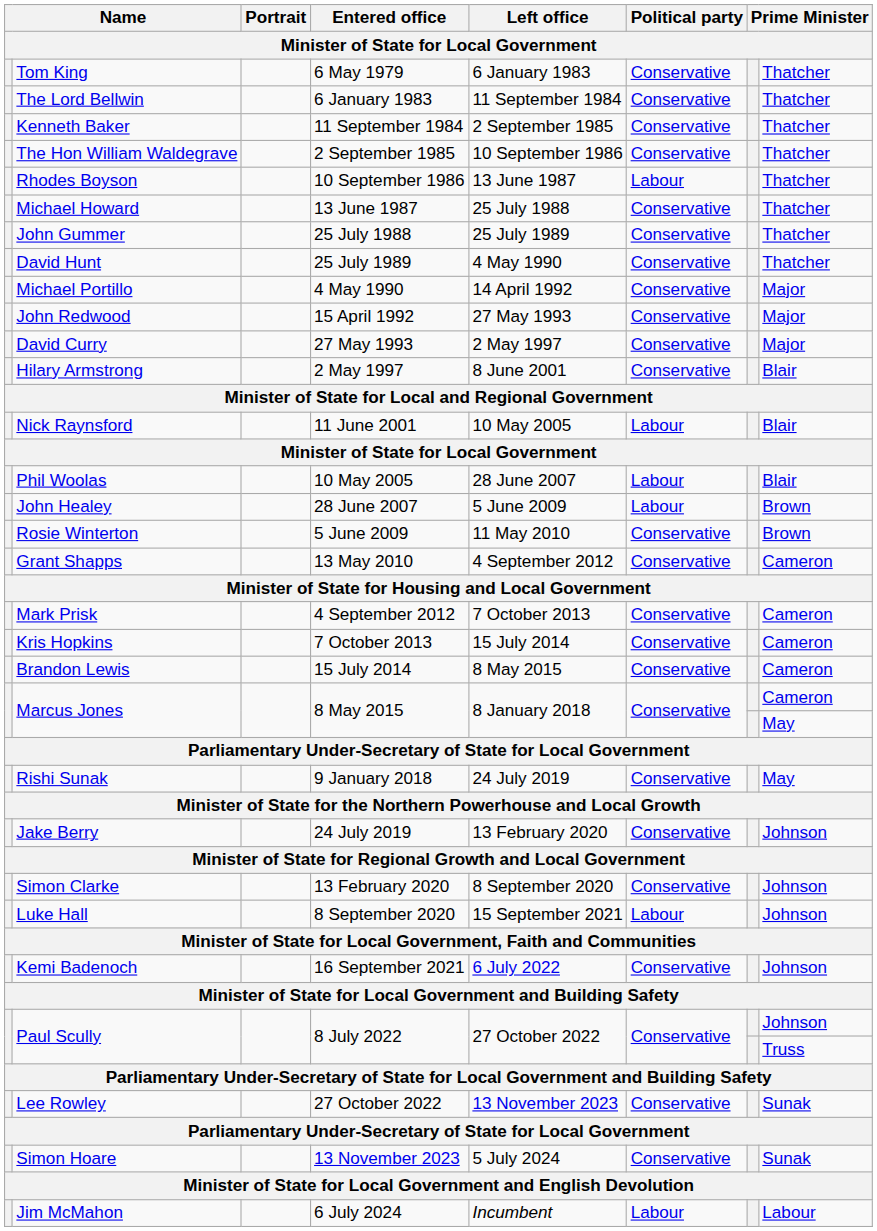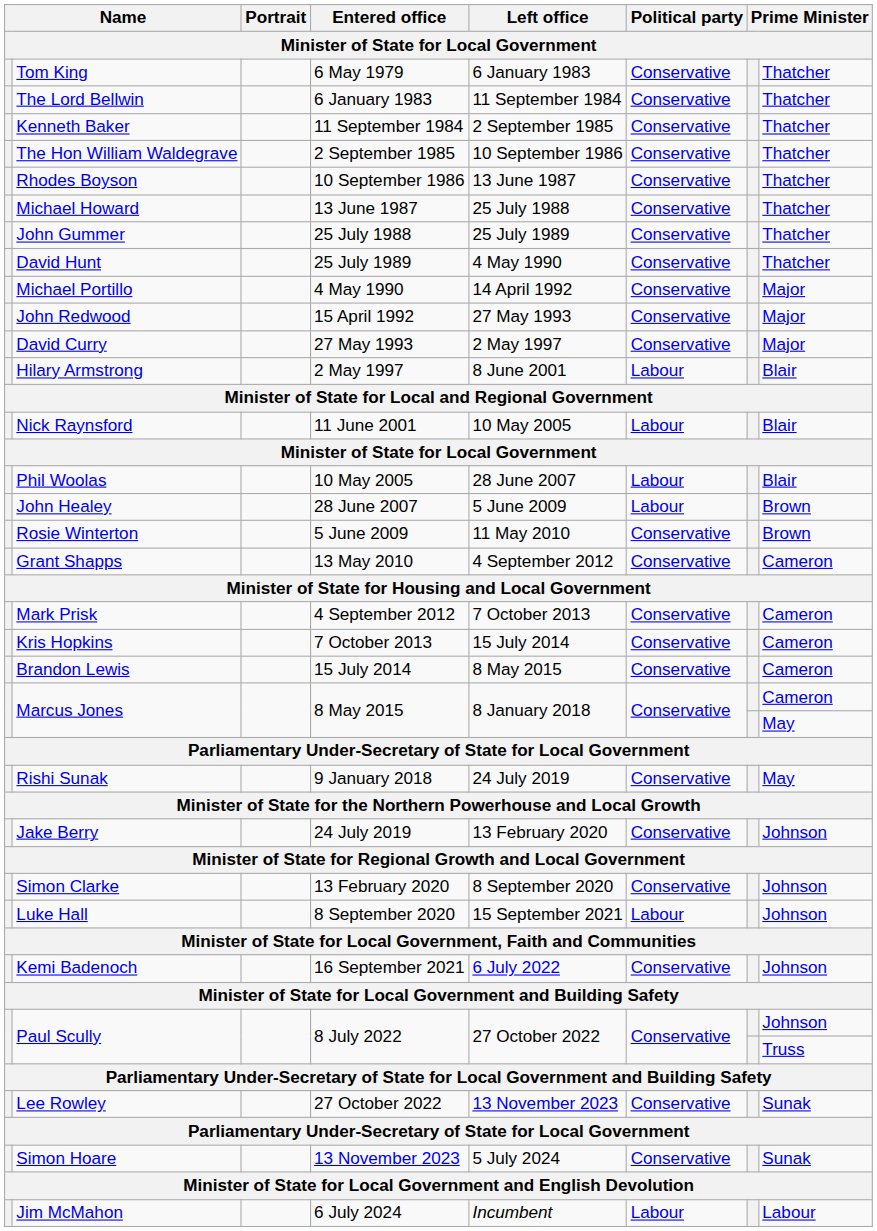 <table class="wikitable">
 <tr>
 <th colspan="2">Name</th>
 <th>Portrait</th>
 <th>Entered office</th>
 <th>Left office</th>
 <th>Political party</th>
 <th colspan="2">Prime Minister</th>
 </tr>
 <tr>
 <th colspan="8">Minister of State for Local Government</th>
 </tr>
 <tr>
 <th style="background-color: "></th>
 <td><a href='#'>Tom King</a></td>
 <td></td>
 <td>6 May 1979</td>
 <td>6 January 1983</td>
 <td><a href='#'>Conservative</a></td>
 <th style="background-color: "></th>
 <td><a href='#'>Thatcher</a></td>
 </tr>
 <tr>
 <th style="background-color: "></th>
 <td><a href='#'>The Lord Bellwin</a></td>
 <td></td>
 <td>6 January 1983</td>
 <td>11 September 1984</td>
 <td><a href='#'>Conservative</a></td>
 <th style="background-color: "></th>
 <td><a href='#'>Thatcher</a></td>
 </tr>
 <tr>
 <th style="background-color: "></th>
 <td><a href='#'>Kenneth Baker</a></td>
 <td></td>
 <td>11 September 1984</td>
 <td>2 September 1985</td>
 <td><a href='#'>Conservative</a></td>
 <th style="background-color: "></th>
 <td><a href='#'>Thatcher</a></td>
 </tr>
 <tr>
 <th style="background-color: "></th>
 <td><a href='#'>The Hon William Waldegrave</a></td>
 <td></td>
 <td>2 September 1985</td>
 <td>10 September 1986</td>
 <td><a href='#'>Conservative</a></td>
 <th style="background-color: "></th>
 <td><a href='#'>Thatcher</a></td>
 </tr>
 <tr>
 <th style="background-color: "></th>
 <td><a href='#'>Rhodes Boyson</a></td>
 <td></td>
 <td>10 September 1986</td>
 <td>13 June 1987</td>
-<td><a href='#'>Labour</a></td>
+<td><a href='#'>Conservative</a></td>
 <th style="background-color: "></th>
 <td><a href='#'>Thatcher</a></td>
 </tr>
 <tr>
 <th style="background-color: "></th>
 <td><a href='#'>Michael Howard</a></td>
 <td></td>
 <td>13 June 1987</td>
 <td>25 July 1988</td>
 <td><a href='#'>Conservative</a></td>
 <th style="background-color: "></th>
 <td><a href='#'>Thatcher</a></td>
 </tr>
 <tr>
 <th style="background-color: "></th>
 <td><a href='#'>John Gummer</a></td>
 <td></td>
 <td>25 July 1988</td>
 <td>25 July 1989</td>
 <td><a href='#'>Conservative</a></td>
 <th style="background-color: "></th>
 <td><a href='#'>Thatcher</a></td>
 </tr>
 <tr>
 <th style="background-color: "></th>
 <td><a href='#'>David Hunt</a></td>
 <td></td>
 <td>25 July 1989</td>
 <td>4 May 1990</td>
 <td><a href='#'>Conservative</a></td>
 <th style="background-color: "></th>
 <td><a href='#'>Thatcher</a></td>
 </tr>
 <tr>
 <th style="background-color: "></th>
 <td><a href='#'>Michael Portillo</a></td>
 <td></td>
 <td>4 May 1990</td>
 <td>14 April 1992</td>
 <td><a href='#'>Conservative</a></td>
 <th style="background-color: "></th>
 <td><a href='#'>Major</a></td>
 </tr>
 <tr>
 <th style="background-color: "></th>
 <td><a href='#'>John Redwood</a></td>
 <td></td>
 <td>15 April 1992</td>
 <td>27 May 1993</td>
 <td><a href='#'>Conservative</a></td>
 <th style="background-color: "></th>
 <td><a href='#'>Major</a></td>
 </tr>
 <tr>
 <th style="background-color: "></th>
 <td><a href='#'>David Curry</a></td>
 <td></td>
 <td>27 May 1993</td>
 <td>2 May 1997</td>
 <td><a href='#'>Conservative</a></td>
 <th style="background-color: "></th>
 <td><a href='#'>Major</a></td>
 </tr>
 <tr>
 <th style="background-color: "></th>
 <td><a href='#'>Hilary Armstrong</a></td>
 <td></td>
 <td>2 May 1997</td>
 <td>8 June 2001</td>
-<td><a href='#'>Conservative</a></td>
+<td><a href='#'>Labour</a></td>
 <th style="background-color: "></th>
 <td><a href='#'>Blair</a></td>
 </tr>
 <tr>
 <th colspan="8">Minister of State for Local and Regional Government</th>
 </tr>
 <tr>
 <th style="background-color: "></th>
 <td><a href='#'>Nick Raynsford</a></td>
 <td></td>
 <td>11 June 2001</td>
 <td>10 May 2005</td>
 <td><a href='#'>Labour</a></td>
 <th style="background-color: "></th>
 <td><a href='#'>Blair</a></td>
 </tr>
 <tr>
 <th colspan="8">Minister of State for Local Government</th>
 </tr>
 <tr>
 <th style="background-color: "></th>
 <td><a href='#'>Phil Woolas</a></td>
 <td></td>
 <td>10 May 2005</td>
 <td>28 June 2007</td>
 <td><a href='#'>Labour</a></td>
 <th style="background-color: "></th>
 <td><a href='#'>Blair</a></td>
 </tr>
 <tr>
 <th style="background-color: "></th>
 <td><a href='#'>John Healey</a></td>
 <td></td>
 <td>28 June 2007</td>
 <td>5 June 2009</td>
 <td><a href='#'>Labour</a></td>
 <th style="background-color: "></th>
 <td><a href='#'>Brown</a></td>
 </tr>
 <tr>
 <th style="background-color: "></th>
 <td><a href='#'>Rosie Winterton</a></td>
 <td></td>
 <td>5 June 2009</td>
 <td>11 May 2010</td>
 <td><a href='#'>Conservative</a></td>
 <th style="background-color: "></th>
 <td><a href='#'>Brown</a></td>
 </tr>
 <tr>
 <th style="background-color: "></th>
 <td><a href='#'>Grant Shapps</a></td>
 <td></td>
 <td>13 May 2010</td>
 <td>4 September 2012</td>
 <td><a href='#'>Conservative</a></td>
 <th style="background-color: "></th>
 <td><a href='#'>Cameron</a></td>
 </tr>
 <tr>
 <th colspan="8">Minister of State for Housing and Local Government</th>
 </tr>
 <tr>
 <th style="background-color: "></th>
 <td><a href='#'>Mark Prisk</a></td>
 <td></td>
 <td>4 September 2012</td>
 <td>7 October 2013</td>
 <td><a href='#'>Conservative</a></td>
 <th style="background-color: "></th>
 <td><a href='#'>Cameron</a></td>
 </tr>
 <tr>
 <th style="background-color: "></th>
 <td><a href='#'>Kris Hopkins</a></td>
 <td></td>
 <td>7 October 2013</td>
 <td>15 July 2014</td>
 <td><a href='#'>Conservative</a></td>
 <th style="background-color: "></th>
 <td><a href='#'>Cameron</a></td>
 </tr>
 <tr>
 <th style="background-color: "></th>
 <td><a href='#'>Brandon Lewis</a></td>
 <td></td>
 <td>15 July 2014</td>
 <td>8 May 2015</td>
 <td><a href='#'>Conservative</a></td>
 <th style="background-color: "></th>
 <td><a href='#'>Cameron</a></td>
 </tr>
 <tr>
 <th rowspan=2 style="background-color: "></th>
 <td rowspan=2><a href='#'>Marcus Jones</a></td>
 <td rowspan=2></td>
 <td rowspan=2>8 May 2015</td>
 <td rowspan=2>8 January 2018</td>
 <td rowspan=2><a href='#'>Conservative</a></td>
 <th style="background-color: "></th>
 <td><a href='#'>Cameron</a></td>
 </tr>
 <tr>
 <th style="background-color: "></th>
 <td><a href='#'>May</a></td>
 </tr>
 <tr>
 <th colspan="8">Parliamentary Under-Secretary of State for Local Government</th>
 </tr>
 <tr>
 <th style="background-color: "></th>
 <td><a href='#'>Rishi Sunak</a></td>
 <td></td>
 <td>9 January 2018</td>
 <td>24 July 2019</td>
 <td><a href='#'>Conservative</a></td>
 <th style="background-color: "></th>
 <td><a href='#'>May</a></td>
 </tr>
 <tr>
 <th colspan="8">Minister of State for the Northern Powerhouse and Local Growth</th>
 </tr>
 <tr>
 <th style="background-color: "></th>
 <td><a href='#'>Jake Berry</a></td>
 <td></td>
 <td>24 July 2019</td>
 <td>13 February 2020</td>
 <td><a href='#'>Conservative</a></td>
 <th style="background-color: "></th>
 <td><a href='#'>Johnson</a></td>
 </tr>
 <tr>
 <th colspan="8">Minister of State for Regional Growth and Local Government</th>
 </tr>
 <tr>
 <th style="background-color: "></th>
 <td><a href='#'>Simon Clarke</a></td>
 <td></td>
 <td>13 February 2020</td>
 <td>8 September 2020</td>
 <td><a href='#'>Conservative</a></td>
 <th style="background-color: "></th>
 <td><a href='#'>Johnson</a></td>
 </tr>
 <tr>
 <th style="background-color: "></th>
 <td><a href='#'>Luke Hall</a></td>
 <td></td>
 <td>8 September 2020</td>
 <td>15 September 2021</td>
 <td><a href='#'>Labour</a></td>
 <th style="background-color: "></th>
 <td><a href='#'>Johnson</a></td>
 </tr>
 <tr>
 <th colspan="8">Minister of State for Local Government, Faith and Communities</th>
 </tr>
 <tr>
 <th style="background-color: "></th>
 <td><a href='#'>Kemi Badenoch</a></td>
 <td></td>
 <td>16 September 2021</td>
 <td><a href='#'>6 July 2022</a></td>
 <td><a href='#'>Conservative</a></td>
 <th style="background-color: "></th>
 <td><a href='#'>Johnson</a></td>
 </tr>
 <tr>
 <th colspan="8">Minister of State for Local Government and Building Safety</th>
 </tr>
 <tr>
 <th rowspan=2 style="background-color: "></th>
 <td rowspan=2><a href='#'>Paul Scully</a></td>
 <td rowspan=2></td>
 <td rowspan=2>8 July 2022</td>
 <td rowspan=2>27 October 2022</td>
 <td rowspan=2><a href='#'>Conservative</a></td>
 <th style="background-color: "></th>
 <td><a href='#'>Johnson</a></td>
 </tr>
 <tr>
 <th style="background-color: "></th>
 <td><a href='#'>Truss</a></td>
 </tr>
 <tr>
 <th colspan="8">Parliamentary Under-Secretary of State for Local Government and Building Safety</th>
 </tr>
 <tr>
 <th style="background-color: "></th>
 <td><a href='#'>Lee Rowley</a></td>
 <td></td>
 <td>27 October 2022</td>
 <td><a href='#'>13 November 2023</a></td>
 <td><a href='#'>Conservative</a></td>
 <th style="background-color: "></th>
 <td><a href='#'>Sunak</a></td>
 </tr>
 <tr>
 <th colspan="8">Parliamentary Under-Secretary of State for Local Government</th>
 </tr>
 <tr>
 <th style="background-color: "></th>
 <td><a href='#'>Simon Hoare</a></td>
 <td></td>
 <td><a href='#'>13 November 2023</a></td>
 <td>5 July 2024</td>
 <td><a href='#'>Conservative</a></td>
 <th style="background-color: "></th>
 <td><a href='#'>Sunak</a></td>
 </tr>
 <tr>
 <th colspan="8">Minister of State for Local Government and English Devolution</th>
 </tr>
 <tr>
 <th style="background-color: "></th>
 <td><a href='#'>Jim McMahon</a></td>
 <td></td>
 <td>6 July 2024</td>
 <td><em>Incumbent</em></td>
 <td><a href='#'>Labour</a></td>
 <th style="background-color: "></th>
 <td><a href='#'>Labour</a></td>
 </tr>
 </table>
